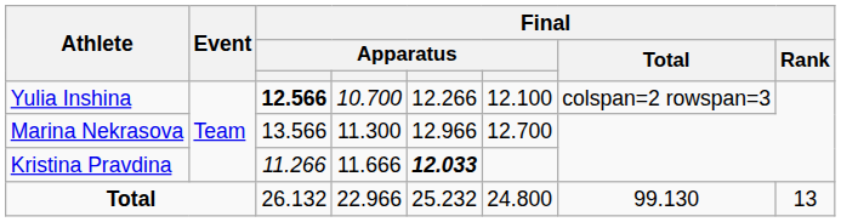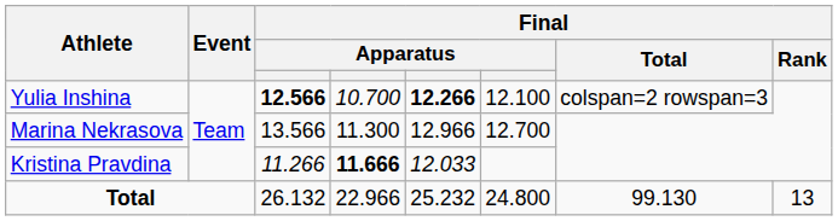 <table class=wikitable style=font-size:90%;text-align:center>
 <tr>
 <th rowspan=3>Athlete</th>
 <th rowspan=3>Event</th>
 <th colspan=6>Final</th>
 </tr>
 <tr style=font-size:95%>
 <th colspan=4>Apparatus</th>
 <th rowspan=2>Total</th>
 <th rowspan=2>Rank</th>
 </tr>
 <tr style=font-size:95%>
 <th></th>
 <th></th>
 <th></th>
 <th></th>
 </tr>
 <tr align=center>
 <td align=left><a href='#'>Yulia Inshina</a></td>
 <td align=left rowspan=3><a href='#'>Team</a></td>
 <td><strong>12.566</strong></td>
 <td><em>10.700</em></td>
-<td>12.266</td>
+<td><strong>12.266</strong></td>
 <td>12.100</td>
 <td>colspan=2 rowspan=3 </td>
 </tr>
 <tr align=center>
 <td align=left><a href='#'>Marina Nekrasova</a></td>
 <td>13.566</td>
 <td>11.300</td>
 <td>12.966</td>
 <td>12.700</td>
 </tr>
 <tr align=center>
 <td align=left><a href='#'>Kristina Pravdina</a></td>
 <td><em>11.266</em></td>
-<td>11.666</td>
-<td><strong><em>12.033</em></strong></td>
+<td><strong>11.666</strong></td>
+<td><em>12.033</em></td>
 <td></td>
 </tr>
 <tr align=center>
 <td colspan=2><strong>Total</strong></td>
 <td>26.132</td>
 <td>22.966</td>
 <td>25.232</td>
 <td>24.800</td>
 <td>99.130</td>
 <td>13</td>
 </tr>
 </table>
